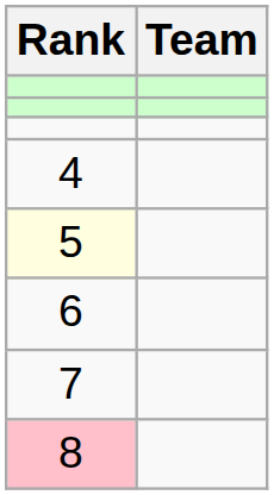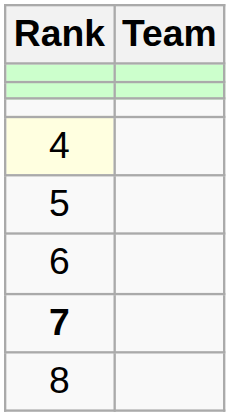 <table class=wikitable style="text-align:center;">
 <tr>
 <th>Rank</th>
 <th>Team</th>
 </tr>
 <tr bgcolor=#ccffcc>
 <td></td>
 <td align=left></td>
 </tr>
 <tr bgcolor=#ccffcc>
 <td></td>
 <td align=left></td>
 </tr>
 <tr>
 <td></td>
 <td align=left></td>
 </tr>
 <tr>
-<td>4</td>
+<td style="background: lightyellow;">4</td>
 <td align=left></td>
 </tr>
 <tr>
-<td style="background: lightyellow;">5</td>
+<td>5</td>
 <td align=left></td>
 </tr>
 <tr>
 <td>6</td>
 <td align=left></td>
 </tr>
 <tr>
-<td>7</td>
+<td><strong>7</strong></td>
 <td align=left></td>
 </tr>
 <tr>
-<td style="background: pink;">8</td>
+<td>8</td>
 <td align=left></td>
 </tr>
 </table>
